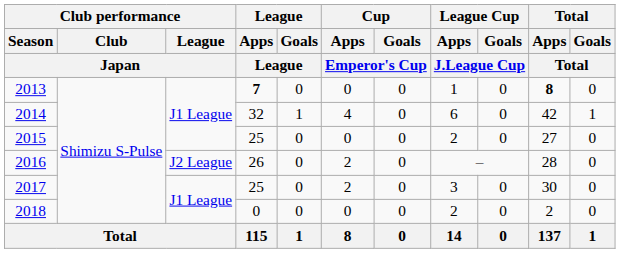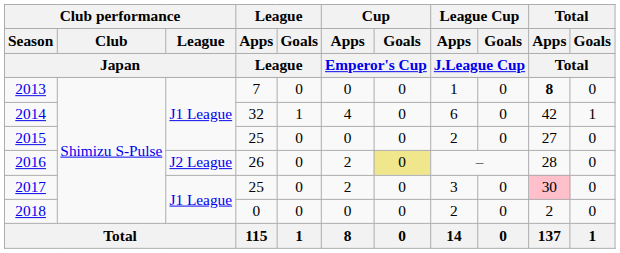 <table class="wikitable" style="text-align:center;">
 <tr>
 <th colspan=3>Club performance</th>
 <th colspan=2>League</th>
 <th colspan=2>Cup</th>
 <th colspan=2>League Cup</th>
 <th colspan=2>Total</th>
 </tr>
 <tr>
 <th>Season</th>
 <th>Club</th>
 <th>League</th>
 <th>Apps</th>
 <th>Goals</th>
 <th>Apps</th>
 <th>Goals</th>
 <th>Apps</th>
 <th>Goals</th>
 <th>Apps</th>
 <th>Goals</th>
 </tr>
 <tr>
 <th colspan=3>Japan</th>
 <th colspan=2>League</th>
 <th colspan=2><a href='#'>Emperor's Cup</a></th>
 <th colspan=2><a href='#'>J.League Cup</a></th>
 <th colspan=2>Total</th>
 </tr>
 <tr>
 <td><a href='#'>2013</a></td>
 <td rowspan="6"><a href='#'>Shimizu S-Pulse</a></td>
 <td rowspan="3"><a href='#'>J1 League</a></td>
-<td><strong>7</strong></td>
+<td>7</td>
 <td>0</td>
 <td>0</td>
 <td>0</td>
 <td>1</td>
 <td>0</td>
 <td><strong>8</strong></td>
 <td>0</td>
 </tr>
 <tr>
 <td><a href='#'>2014</a></td>
 <td>32</td>
 <td>1</td>
 <td>4</td>
 <td>0</td>
 <td>6</td>
 <td>0</td>
 <td>42</td>
 <td>1</td>
 </tr>
 <tr>
 <td><a href='#'>2015</a></td>
 <td>25</td>
 <td>0</td>
 <td>0</td>
 <td>0</td>
 <td>2</td>
 <td>0</td>
 <td>27</td>
 <td>0</td>
 </tr>
 <tr>
 <td><a href='#'>2016</a></td>
 <td><a href='#'>J2 League</a></td>
 <td>26</td>
 <td>0</td>
 <td>2</td>
-<td>0</td>
+<td style="background: khaki;">0</td>
 <td colspan="2">–</td>
 <td>28</td>
 <td>0</td>
 </tr>
 <tr>
 <td><a href='#'>2017</a></td>
 <td rowspan="2"><a href='#'>J1 League</a></td>
 <td>25</td>
 <td>0</td>
 <td>2</td>
 <td>0</td>
 <td>3</td>
 <td>0</td>
-<td>30</td>
+<td style="background: pink;">30</td>
 <td>0</td>
 </tr>
 <tr>
 <td><a href='#'>2018</a></td>
 <td>0</td>
 <td>0</td>
 <td>0</td>
 <td>0</td>
 <td>2</td>
 <td>0</td>
 <td>2</td>
 <td>0</td>
 </tr>
 <tr>
 <th colspan=3>Total</th>
 <th>115</th>
 <th>1</th>
 <th>8</th>
 <th>0</th>
 <th>14</th>
 <th>0</th>
 <th>137</th>
 <th>1</th>
 </tr>
 </table>
